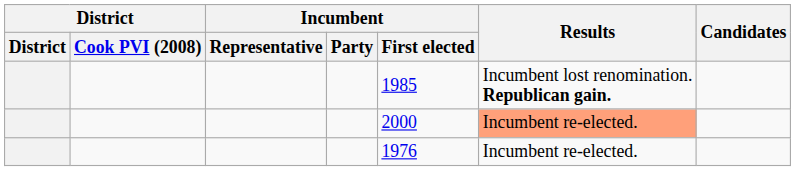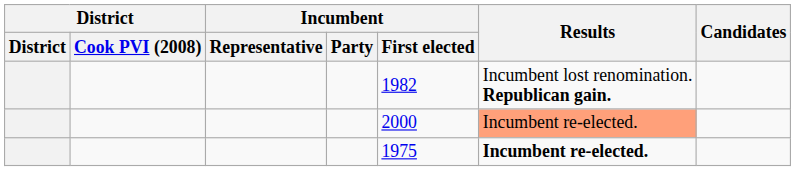 <table class="wikitable sortable">
 <tr>
 <th colspan=2>District</th>
 <th colspan=3>Incumbent</th>
 <th rowspan=2>Results</th>
 <th rowspan=2>Candidates</th>
 </tr>
 <tr valign=bottom>
 <th>District</th>
 <th><a href='#'>Cook PVI</a> (2008)</th>
 <th>Representative</th>
 <th>Party</th>
 <th>First elected</th>
 </tr>
 <tr>
 <th></th>
 <td></td>
 <td></td>
 <td></td>
-<td><a href='#'>1985</a></td>
+<td><a href='#'>1982</a></td>
 <td>Incumbent lost renomination.<br><strong>Republican gain.</strong></td>
 <td nowrap></td>
 </tr>
 <tr>
 <th></th>
 <td></td>
 <td></td>
 <td></td>
 <td><a href='#'>2000</a></td>
 <td style="background: lightsalmon;">Incumbent re-elected.</td>
 <td nowrap></td>
 </tr>
 <tr>
 <th></th>
 <td></td>
 <td></td>
 <td></td>
-<td><a href='#'>1976</a></td>
-<td>Incumbent re-elected.</td>
+<td><a href='#'>1975</a></td>
+<td><strong>Incumbent re-elected.</strong></td>
 <td nowrap></td>
 </tr>
 </table>
